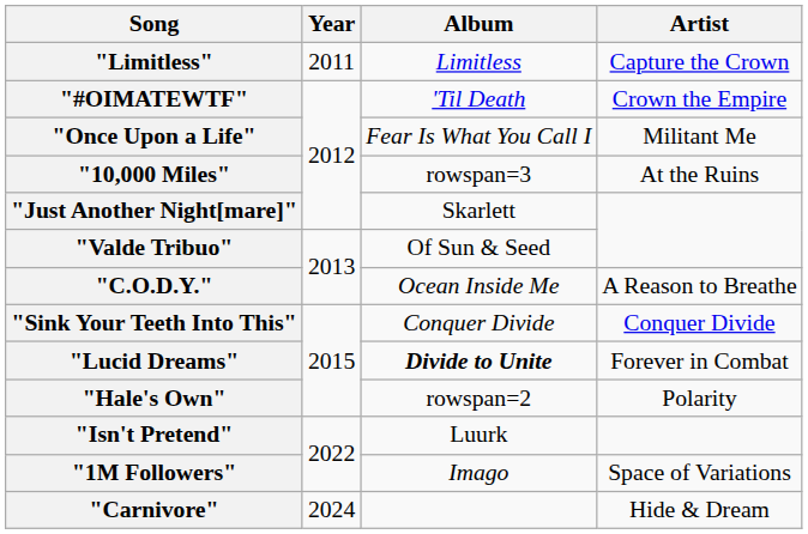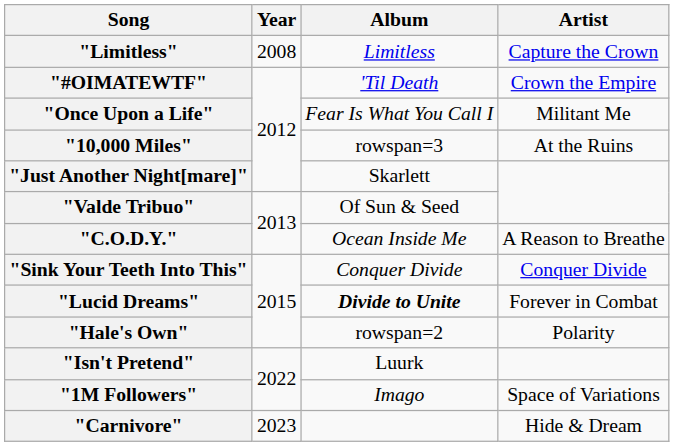 <table class="wikitable plainrowheaders" style="text-align:center;">
 <tr>
 <th>Song</th>
 <th>Year</th>
 <th>Album</th>
 <th>Artist</th>
 </tr>
 <tr>
 <th scope="row">"Limitless"</th>
-<td>2011</td>
+<td>2008</td>
 <td><em><a href='#'>Limitless</a></em></td>
 <td><a href='#'>Capture the Crown</a></td>
 </tr>
 <tr>
 <th scope="row">"#OIMATEWTF"</th>
 <td rowspan=4>2012</td>
 <td><em><a href='#'>'Til Death</a></em></td>
 <td><a href='#'>Crown the Empire</a></td>
 </tr>
 <tr>
 <th scope="row">"Once Upon a Life"</th>
 <td><em>Fear Is What You Call I</em></td>
 <td>Militant Me</td>
 </tr>
 <tr>
 <th scope="row">"10,000 Miles"</th>
 <td>rowspan=3 </td>
 <td>At the Ruins</td>
 </tr>
 <tr>
 <th scope="row">"Just Another Night[mare]"</th>
 <td>Skarlett</td>
 </tr>
 <tr>
 <th scope="row">"Valde Tribuo"</th>
 <td rowspan=2>2013</td>
 <td>Of Sun & Seed</td>
 </tr>
 <tr>
 <th scope="row">"C.O.D.Y."</th>
 <td><em>Ocean Inside Me</em></td>
 <td>A Reason to Breathe</td>
 </tr>
 <tr>
 <th scope="row">"Sink Your Teeth Into This"</th>
 <td rowspan=3>2015</td>
 <td><em>Conquer Divide</em></td>
 <td><a href='#'>Conquer Divide</a></td>
 </tr>
 <tr>
 <th scope="row">"Lucid Dreams"</th>
 <td><strong><em>Divide to Unite</em></strong></td>
 <td>Forever in Combat</td>
 </tr>
 <tr>
 <th scope="row">"Hale's Own"</th>
 <td>rowspan=2 </td>
 <td>Polarity</td>
 </tr>
 <tr>
 <th scope="row">"Isn't Pretend"</th>
 <td rowspan=2>2022</td>
 <td>Luurk</td>
 </tr>
 <tr>
 <th scope="row">"1M Followers"</th>
 <td><em>Imago</em></td>
 <td>Space of Variations</td>
 </tr>
 <tr>
 <th scope="row">"Carnivore"</th>
-<td>2024</td>
+<td>2023</td>
 <td></td>
 <td>Hide & Dream</td>
 </tr>
 </table>
